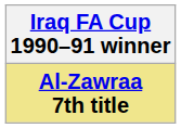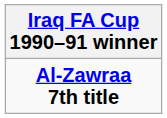 <table class="wikitable" style="text-align: center; margin: 0 auto;">
 <tr>
 <th><a href='#'>Iraq FA Cup</a><br>1990–91 winner</th>
 </tr>
 <tr>
-<td style="background: khaki;"><strong><a href='#'>Al-Zawraa</a></strong><br><strong>7th title</strong></td>
+<td><strong><a href='#'>Al-Zawraa</a></strong><br><strong>7th title</strong></td>
 </tr>
 </table>
